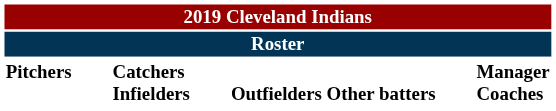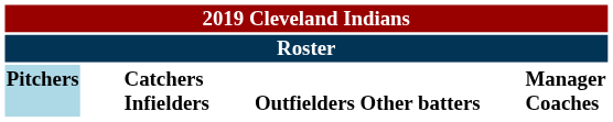 <table class="toccolours" style="font-size: 95%;">
 <tr>
 <th colspan="10" style="background-color: #990000; color: white; text-align: center;">2019 Cleveland Indians</th>
 </tr>
 <tr>
 <td colspan="10" style="background-color: #023456; color: #FFFFFF; text-align: center;"><strong>Roster</strong></td>
 </tr>
 <tr>
-<td valign="top"><strong>Pitchers</strong><br>                           </td>
+<td valign="top" style="background: lightblue;"><strong>Pitchers</strong><br>                           </td>
 <td width="25px"></td>
 <td valign="top"><strong>Catchers</strong><br>   <strong>Infielders</strong>            </td>
 <td width="25px"></td>
 <td valign="top"><br><strong>Outfielders</strong>           <strong>Other batters</strong> </td>
 <td width="25px"></td>
 <td valign="top"><strong>Manager</strong><br> <strong>Coaches</strong>                      </td>
 </tr>
 </table>
